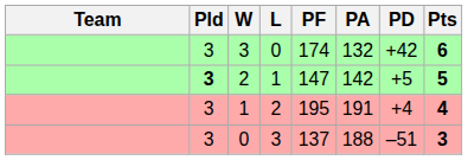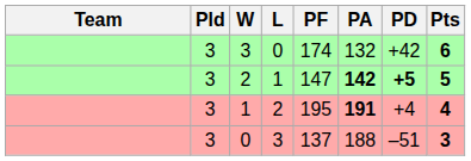 <table class=wikitable>
 <tr align=center>
 </tr>
 <tr>
 <th width=150>Team</th>
 <th width=20>Pld</th>
 <th width=20>W</th>
 <th width=20>L</th>
 <th width=30>PF</th>
 <th width=30>PA</th>
 <th width=30>PD</th>
 <th width=20>Pts</th>
 </tr>
 <tr align=center bgcolor=#aaffaa>
 <td align=left></td>
 <td>3</td>
 <td>3</td>
 <td>0</td>
 <td>174</td>
 <td>132</td>
 <td>+42</td>
 <td><strong>6</strong></td>
 </tr>
 <tr align=center bgcolor=#aaffaa>
 <td align=left></td>
-<td><strong>3</strong></td>
+<td>3</td>
 <td>2</td>
 <td>1</td>
 <td>147</td>
-<td>142</td>
-<td>+5</td>
+<td><strong>142</strong></td>
+<td><strong>+5</strong></td>
 <td><strong>5</strong></td>
 </tr>
 <tr align=center bgcolor=#ffaaaa>
 <td align=left></td>
 <td>3</td>
 <td>1</td>
 <td>2</td>
 <td>195</td>
-<td>191</td>
+<td><strong>191</strong></td>
 <td>+4</td>
 <td><strong>4</strong></td>
 </tr>
 <tr align=center bgcolor=#ffaaaa>
 <td align=left></td>
 <td>3</td>
 <td>0</td>
 <td>3</td>
 <td>137</td>
 <td>188</td>
 <td>–51</td>
 <td><strong>3</strong></td>
 </tr>
 </table>
